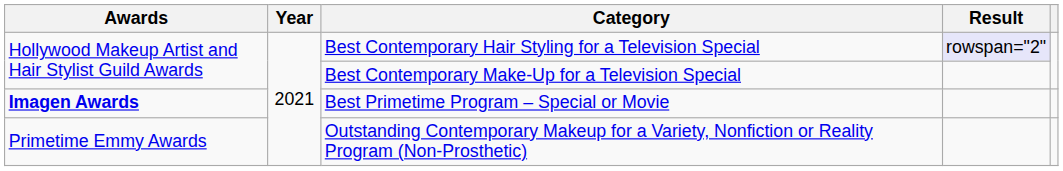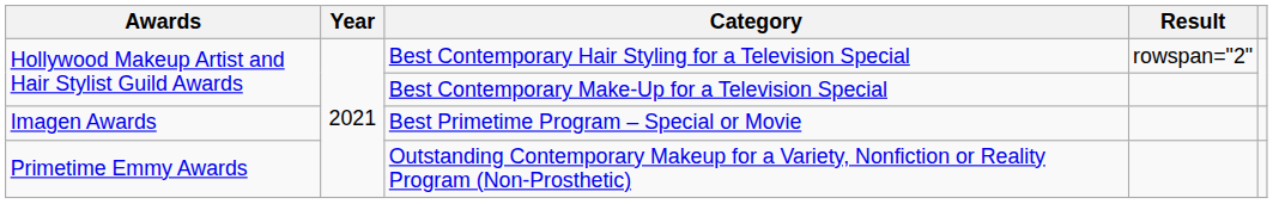 <table class="wikitable sortable plainrowheaders" style="width: 60%;">
 <tr>
 <th scope="col" style="width:25%;">Awards</th>
 <th scope="col" style="width:5%;">Year</th>
 <th scope="col">Category</th>
 <th scope="col" style="width:7%;">Result</th>
 <th scope="col" class="unsortable"></th>
 </tr>
 <tr>
 <td rowspan="2"><a href='#'>Hollywood Makeup Artist and Hair Stylist Guild Awards</a></td>
 <td rowspan="4" align="center">2021</td>
 <td><a href='#'>Best Contemporary Hair Styling for a Television Special</a></td>
-<td style="background: lavender;">rowspan="2" </td>
+<td>rowspan="2" </td>
 <td rowspan="2" align="center"></td>
 </tr>
 <tr>
 <td><a href='#'>Best Contemporary Make-Up for a Television Special</a></td>
 </tr>
 <tr>
-<td><strong><a href='#'>Imagen Awards</a></strong></td>
+<td><a href='#'>Imagen Awards</a></td>
 <td><a href='#'>Best Primetime Program – Special or Movie</a></td>
 <td></td>
 <td align="center"></td>
 </tr>
 <tr>
 <td><a href='#'>Primetime Emmy Awards</a></td>
 <td><a href='#'>Outstanding Contemporary Makeup for a Variety, Nonfiction or Reality Program (Non-Prosthetic)</a></td>
 <td></td>
 <td align="center"></td>
 </tr>
 </table>
